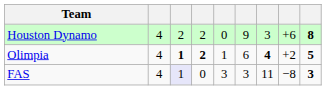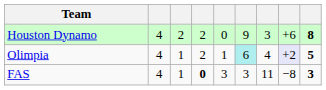 <table class="wikitable" style="text-align:center">
 <tr>
 <th width="175">Team</th>
 <th width="20"></th>
 <th width="20"></th>
 <th width="20"></th>
 <th width="20"></th>
 <th width="20"></th>
 <th width="20"></th>
 <th width="20"></th>
 <th width="20"></th>
 </tr>
 <tr bgcolor=ccffcc>
 <td align=left> <a href='#'>Houston Dynamo</a></td>
 <td>4</td>
 <td>2</td>
 <td>2</td>
 <td>0</td>
 <td>9</td>
 <td>3</td>
 <td>+6</td>
 <td><strong>8</strong></td>
 </tr>
 <tr>
 <td align=left> <a href='#'>Olimpia</a></td>
 <td>4</td>
-<td><strong>1</strong></td>
-<td><strong>2</strong></td>
 <td>1</td>
-<td>6</td>
-<td><strong>4</strong></td>
-<td>+2</td>
+<td>2</td>
+<td>1</td>
+<td style="background: paleturquoise;">6</td>
+<td>4</td>
+<td style="background: lavender;">+2</td>
 <td><strong>5</strong></td>
 </tr>
 <tr>
 <td align=left> <a href='#'>FAS</a></td>
 <td>4</td>
-<td style="background: lavender;">1</td>
-<td>0</td>
+<td>1</td>
+<td><strong>0</strong></td>
 <td>3</td>
 <td>3</td>
 <td>11</td>
 <td>−8</td>
 <td><strong>3</strong></td>
 </tr>
 </table>
